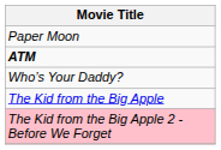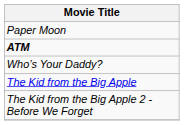 <table class="wikitable">
 <tr>
 <th align="left" width="250px">Movie Title</th>
 </tr>
 <tr>
 <td align="left"><em>Paper Moon</em></td>
 </tr>
 <tr>
 <td align="left"><strong><em>ATM</em></strong></td>
 </tr>
 <tr>
 <td align="left"><em>Who’s Your Daddy?</em></td>
 </tr>
 <tr>
 <td align="left"><em><a href='#'>The Kid from the Big Apple</a></em></td>
 </tr>
 <tr>
-<td align="left" style="background: pink;"><em>The Kid from the Big Apple 2 - Before We Forget</em></td>
+<td align="left"><em>The Kid from the Big Apple 2 - Before We Forget</em></td>
 </tr>
 <tr>
 </tr>
 </table>
